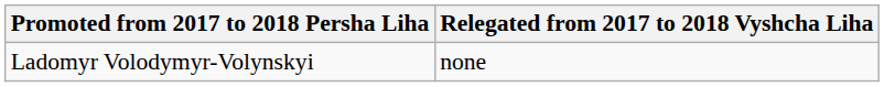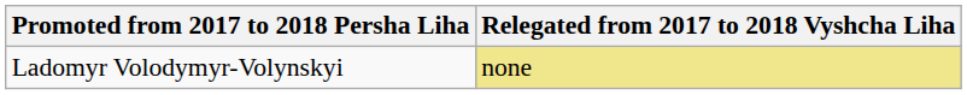 <table class="wikitable">
 <tr>
 <th>Promoted from 2017 to 2018 Persha Liha</th>
 <th>Relegated from 2017 to 2018 Vyshcha Liha</th>
 </tr>
 <tr>
 <td>Ladomyr Volodymyr-Volynskyi</td>
-<td>none</td>
+<td style="background: khaki;">none</td>
 </tr>
 </table>
